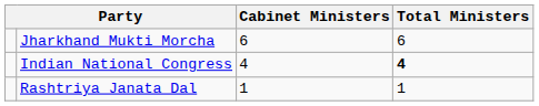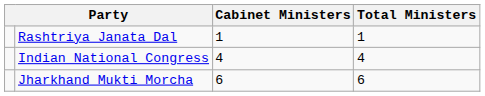 <table class="wikitable">
 <tr>
 <th colspan="2">Party</th>
 <th>Cabinet Ministers</th>
 <th>Total Ministers</th>
 </tr>
 <tr>
 <td width="4px"></td>
-<td><a href='#'>Jharkhand Mukti Morcha</a></td>
-<td>6</td>
-<td>6</td>
+<td><a href='#'>Rashtriya Janata Dal</a></td>
+<td>1</td>
+<td>1</td>
 </tr>
 <tr>
 <td width="4px"></td>
 <td><a href='#'>Indian National Congress</a></td>
 <td>4</td>
-<td><strong>4</strong></td>
+<td>4</td>
 </tr>
 <tr>
 <td width="4px"></td>
-<td><a href='#'>Rashtriya Janata Dal</a></td>
-<td>1</td>
-<td>1</td>
+<td><a href='#'>Jharkhand Mukti Morcha</a></td>
+<td>6</td>
+<td>6</td>
 </tr>
 </table>
